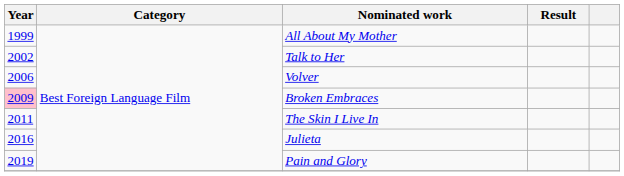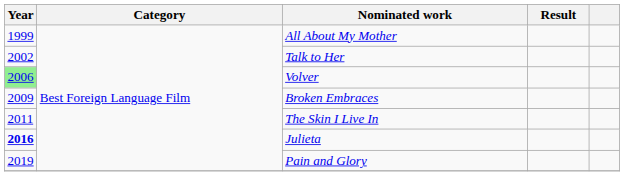 <table class="wikitable" style="width:85%;">
 <tr>
 <th width=5%>Year</th>
 <th style="width:40%;">Category</th>
 <th style="width:40%;">Nominated work</th>
 <th style="width:10%;">Result</th>
 <th width=5%></th>
 </tr>
 <tr>
 <td><a href='#'>1999</a></td>
 <td rowspan="7"><a href='#'>Best Foreign Language Film</a></td>
 <td><em><a href='#'>All About My Mother</a></em></td>
 <td></td>
 <td></td>
 </tr>
 <tr>
 <td><a href='#'>2002</a></td>
 <td><em><a href='#'>Talk to Her</a></em></td>
 <td></td>
 <td></td>
 </tr>
 <tr>
-<td><a href='#'>2006</a></td>
+<td style="background: lightgreen;"><a href='#'>2006</a></td>
 <td><em><a href='#'>Volver</a></em></td>
 <td></td>
 <td></td>
 </tr>
 <tr>
-<td style="background: pink;"><a href='#'>2009</a></td>
+<td><a href='#'>2009</a></td>
 <td><em><a href='#'>Broken Embraces</a></em></td>
 <td></td>
 <td></td>
 </tr>
 <tr>
 <td><a href='#'>2011</a></td>
 <td><em><a href='#'>The Skin I Live In</a></em></td>
 <td></td>
 <td></td>
 </tr>
 <tr>
-<td><a href='#'>2016</a></td>
+<td><strong><a href='#'>2016</a></strong></td>
 <td><em><a href='#'>Julieta</a></em></td>
 <td></td>
 <td></td>
 </tr>
 <tr>
 <td><a href='#'>2019</a></td>
 <td><em><a href='#'>Pain and Glory</a></em></td>
 <td></td>
 <td></td>
 </tr>
 <tr>
 </tr>
 </table>
